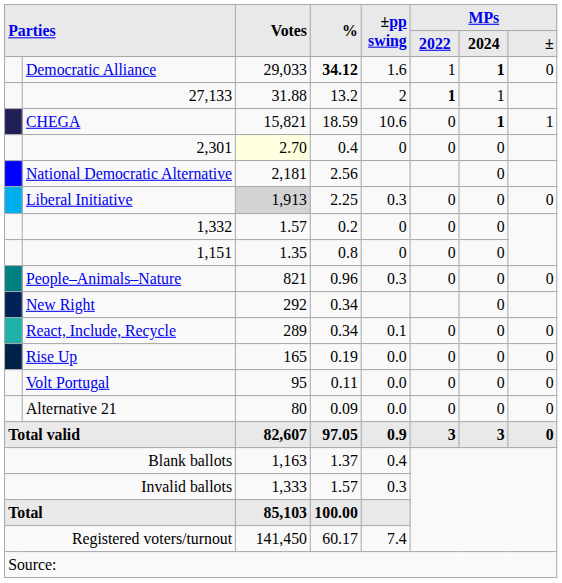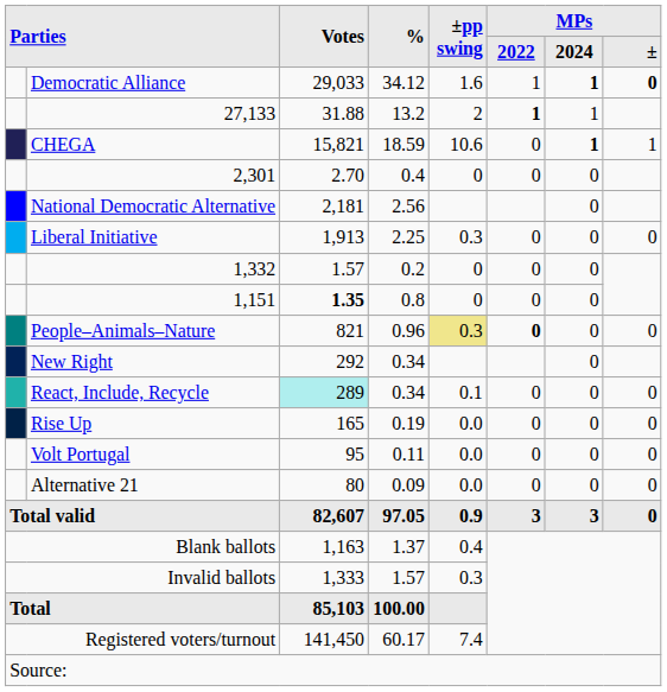 <table class="wikitable" style="text-align:right; font-size:95%;">
 <tr>
 <th rowspan="2" colspan="2" style="background:#e9e9e9; text-align:left;" alignleft><a href='#'>Parties</a></th>
 <th rowspan="2" style="background:#e9e9e9; text-align:right;">Votes</th>
 <th rowspan="2" style="background:#e9e9e9; text-align:right;">%</th>
 <th rowspan="2" style="background:#e9e9e9; text-align:right;">±<a href='#'>pp</a> <a href='#'>swing</a></th>
 <th colspan="3" style="background:#e9e9e9; text-align:center;"><a href='#'>MPs</a></th>
 </tr>
 <tr style="background-color:#E9E9E9">
 <th style="background-color:#E9E9E9;text-align:center;"><a href='#'>2022</a></th>
 <th style="background-color:#E9E9E9;text-align:center;">2024</th>
 <th style="background:#e9e9e9; text-align:right;">±</th>
 </tr>
 <tr>
 <td style="width: 10px"></td>
 <td align="left"><a href='#'>Democratic Alliance</a> </td>
 <td>29,033</td>
-<td><strong>34.12</strong></td>
+<td>34.12</td>
 <td>1.6</td>
 <td>1</td>
 <td><strong>1</strong></td>
-<td>0</td>
+<td><strong>0</strong></td>
 </tr>
 <tr>
 <td></td>
 <td>27,133</td>
 <td>31.88</td>
 <td>13.2</td>
 <td>2</td>
 <td><strong>1</strong></td>
 <td>1</td>
 </tr>
 <tr>
 <td style="width: 10px" bgcolor="#202056" align="center"></td>
 <td align="left"><a href='#'>CHEGA</a></td>
 <td>15,821</td>
 <td>18.59</td>
 <td>10.6</td>
 <td>0</td>
 <td><strong>1</strong></td>
 <td>1</td>
 </tr>
 <tr>
 <td></td>
 <td>2,301</td>
-<td style="background: lightyellow;">2.70</td>
+<td>2.70</td>
 <td>0.4</td>
 <td>0</td>
 <td>0</td>
 <td>0</td>
 </tr>
 <tr>
 <td style="width: 10px" bgcolor="blue" align="center"></td>
 <td align="left"><a href='#'>National Democratic Alternative</a></td>
 <td>2,181</td>
 <td>2.56</td>
 <td></td>
 <td></td>
 <td>0</td>
 <td></td>
 </tr>
 <tr>
 <td style="width: 10px" bgcolor="#00ADEF" align="center"></td>
 <td align="left"><a href='#'>Liberal Initiative</a></td>
-<td style="background: lightgrey;">1,913</td>
+<td>1,913</td>
 <td>2.25</td>
 <td>0.3</td>
 <td>0</td>
 <td>0</td>
 <td>0</td>
 </tr>
 <tr>
 <td></td>
 <td>1,332</td>
 <td>1.57</td>
 <td>0.2</td>
 <td>0</td>
 <td>0</td>
 <td>0</td>
 </tr>
 <tr>
 <td></td>
 <td>1,151</td>
-<td>1.35</td>
+<td><strong>1.35</strong></td>
 <td>0.8</td>
 <td>0</td>
 <td>0</td>
 <td>0</td>
 </tr>
 <tr>
 <td style="width: 10px" bgcolor="teal" align="center"></td>
 <td align="left"><a href='#'>People–Animals–Nature</a></td>
 <td>821</td>
 <td>0.96</td>
-<td>0.3</td>
-<td>0</td>
+<td style="background: khaki;">0.3</td>
+<td><strong>0</strong></td>
 <td>0</td>
 <td>0</td>
 </tr>
 <tr>
 <td style="width: 10px" bgcolor="#012257" align="center"></td>
 <td align="left"><a href='#'>New Right</a></td>
 <td>292</td>
 <td>0.34</td>
 <td></td>
 <td></td>
 <td>0</td>
 <td></td>
 </tr>
 <tr>
 <td style="width: 10px" bgcolor="LightSeaGreen" align="center"></td>
 <td align="left"><a href='#'>React, Include, Recycle</a></td>
-<td>289</td>
+<td style="background: paleturquoise;">289</td>
 <td>0.34</td>
 <td>0.1</td>
 <td>0</td>
 <td>0</td>
 <td>0</td>
 </tr>
 <tr>
 <td style="width: 10px" bgcolor="#002147" align="center"></td>
 <td align="left"><a href='#'>Rise Up</a></td>
 <td>165</td>
 <td>0.19</td>
 <td>0.0</td>
 <td>0</td>
 <td>0</td>
 <td>0</td>
 </tr>
 <tr>
 <td style="width: 10px"></td>
 <td align="left"><a href='#'>Volt Portugal</a></td>
 <td>95</td>
 <td>0.11</td>
 <td>0.0</td>
 <td>0</td>
 <td>0</td>
 <td>0</td>
 </tr>
 <tr>
 <td style="width: 10px"></td>
 <td align="left">Alternative 21 </td>
 <td>80</td>
 <td>0.09</td>
 <td>0.0</td>
 <td>0</td>
 <td>0</td>
 <td>0</td>
 </tr>
 <tr>
 <td colspan=2 align=left style="background-color:#E9E9E9"><strong>Total valid</strong></td>
 <td width="65" align="right" style="background-color:#E9E9E9"><strong>82,607</strong></td>
 <td width="40" align="right" style="background-color:#E9E9E9"><strong>97.05</strong></td>
 <td width="40" align="right" style="background-color:#E9E9E9"><strong>0.9</strong></td>
 <td width="40" align="right" style="background-color:#E9E9E9"><strong>3</strong></td>
 <td width="40" align="right" style="background-color:#E9E9E9"><strong>3</strong></td>
 <td width="40" align="right" style="background-color:#E9E9E9"><strong>0</strong></td>
 </tr>
 <tr>
 <td colspan=2>Blank ballots</td>
 <td>1,163</td>
 <td>1.37</td>
 <td>0.4</td>
 <td colspan="3" rowspan="4"></td>
 </tr>
 <tr>
 <td colspan=2>Invalid ballots</td>
 <td>1,333</td>
 <td>1.57</td>
 <td>0.3</td>
 </tr>
 <tr>
 <td colspan=2 align=left style="background-color:#E9E9E9"><strong>Total</strong></td>
 <td width="50" align="right" style="background-color:#E9E9E9"><strong>85,103</strong></td>
 <td width="40" align="right" style="background-color:#E9E9E9"><strong>100.00</strong></td>
 <td width="40" align="right" style="background-color:#E9E9E9"></td>
 </tr>
 <tr>
 <td colspan=2>Registered voters/turnout</td>
 <td>141,450</td>
 <td>60.17</td>
 <td>7.4</td>
 </tr>
 <tr>
 <td colspan=8 align=left>Source: </td>
 </tr>
 </table>
